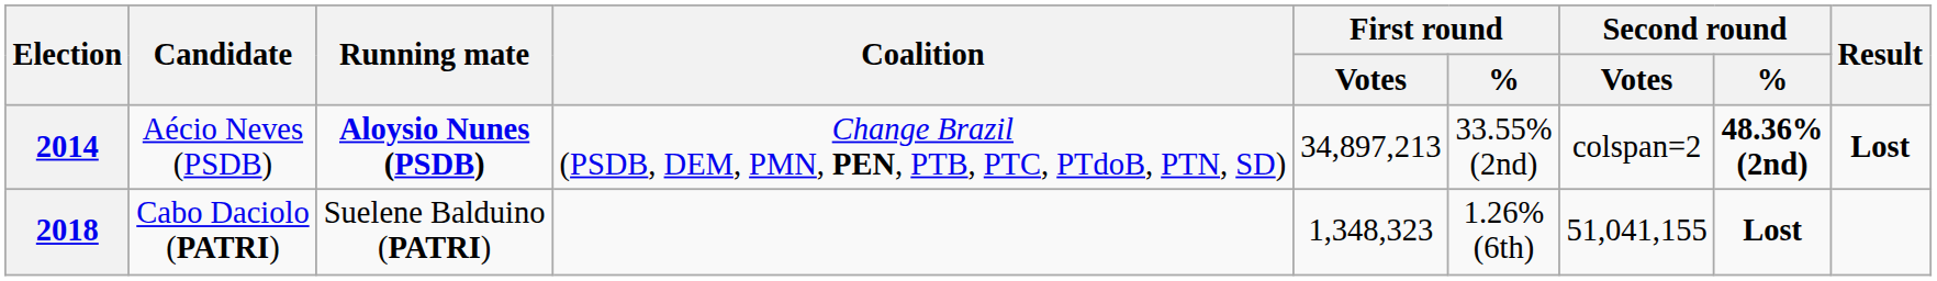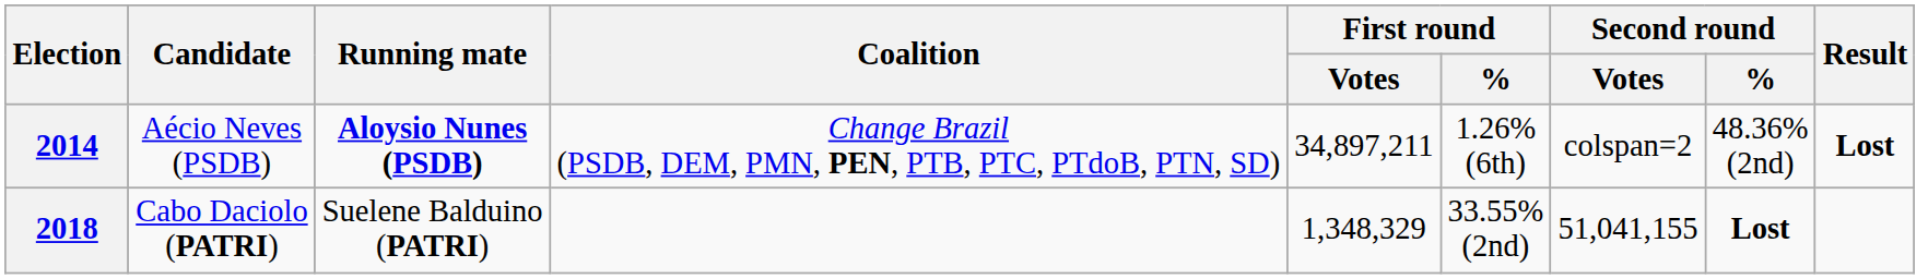 <table class=wikitable style=text-align:center>
 <tr>
 <th rowspan="2">Election</th>
 <th rowspan=2>Candidate</th>
 <th rowspan="2">Running mate</th>
 <th rowspan="2">Coalition</th>
 <th colspan=2>First round</th>
 <th colspan="2">Second round</th>
 <th rowspan="2">Result</th>
 </tr>
 <tr>
 <th>Votes</th>
 <th>%</th>
 <th>Votes</th>
 <th>%</th>
 </tr>
 <tr>
 <th><a href='#'>2014</a></th>
 <td><a href='#'>Aécio Neves</a><br>(<a href='#'>PSDB</a>)</td>
 <td><strong><a href='#'>Aloysio Nunes</a><br>(<a href='#'>PSDB</a>)</strong></td>
 <td><em><a href='#'>Change Brazil</a></em><br>(<a href='#'>PSDB</a>, <a href='#'>DEM</a>, <a href='#'>PMN</a>, <strong>PEN</strong>, <a href='#'>PTB</a>, <a href='#'>PTC</a>, <a href='#'>PTdoB</a>, <a href='#'>PTN</a>, <a href='#'>SD</a>)</td>
-<td>34,897,213</td>
-<td>33.55%<br>(2nd)</td>
+<td>34,897,211</td>
+<td>1.26%<br>(6th)</td>
 <td>colspan=2 </td>
-<td><strong>48.36%<br>(2nd)</strong></td>
+<td>48.36%<br>(2nd)</td>
 <td><strong>Lost</strong> </td>
 </tr>
 <tr>
 <th><a href='#'>2018</a></th>
 <td><a href='#'>Cabo Daciolo</a><br>(<strong>PATRI</strong>)</td>
 <td>Suelene Balduino<br>(<strong>PATRI</strong>)</td>
 <td></td>
-<td>1,348,323</td>
-<td>1.26%<br>(6th)</td>
+<td>1,348,329</td>
+<td>33.55%<br>(2nd)</td>
 <td>51,041,155</td>
 <td><strong>Lost</strong> </td>
 </tr>
 </table>
